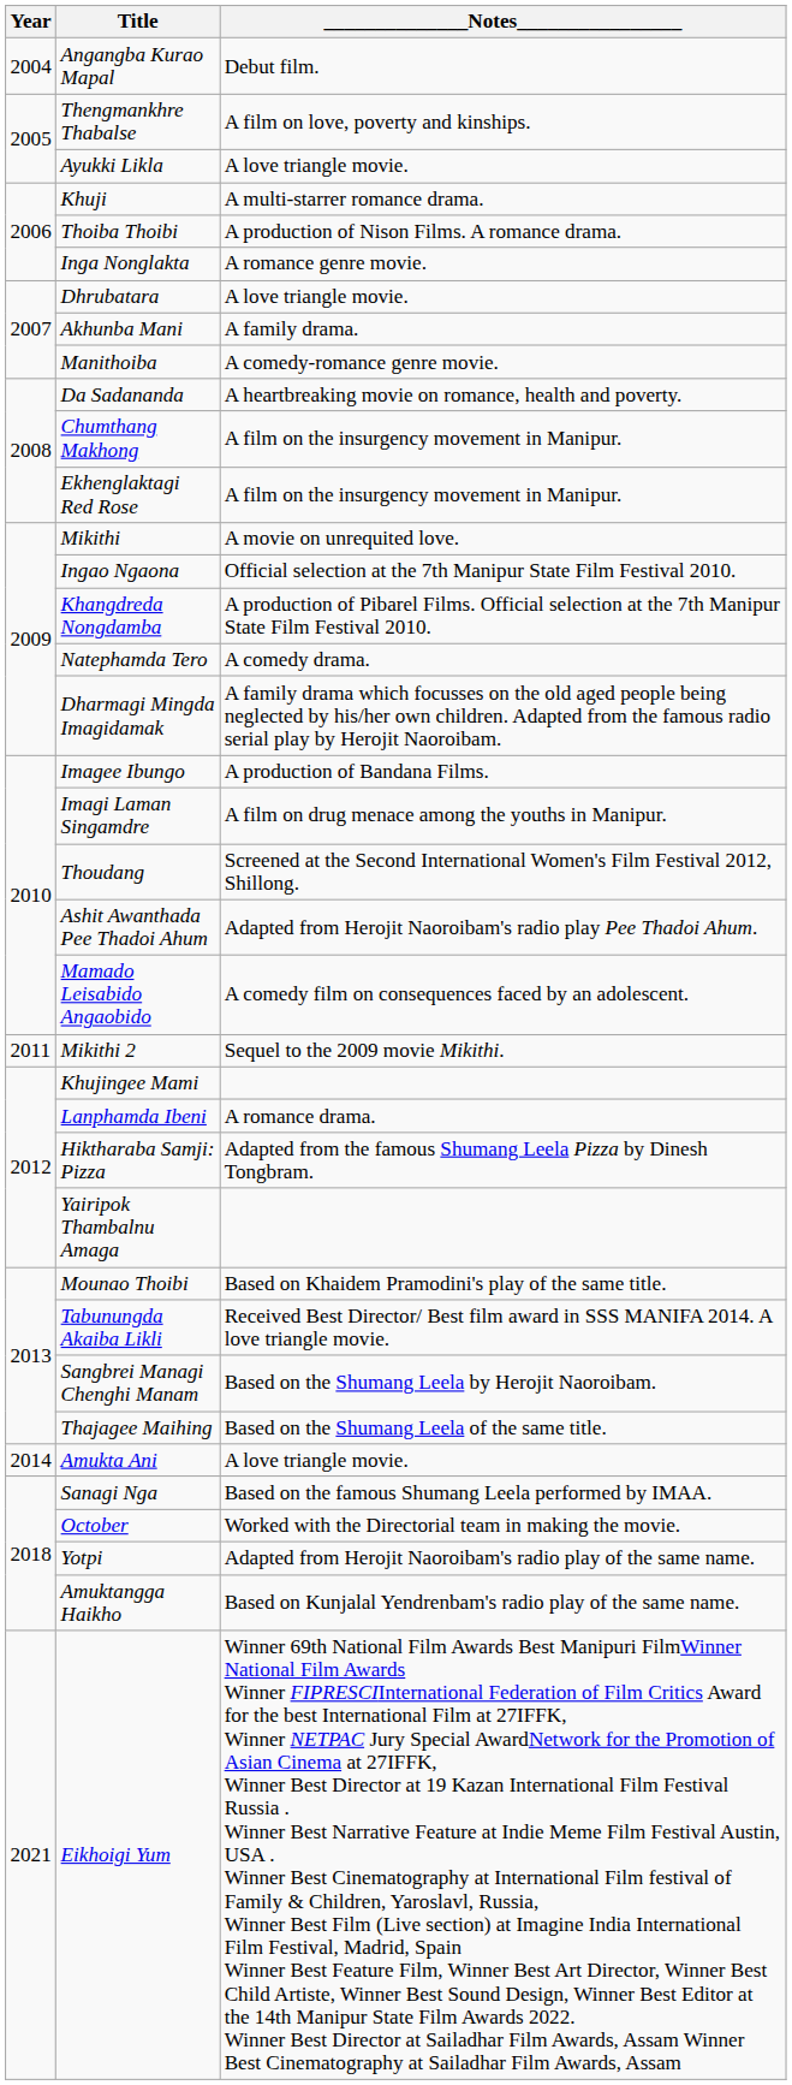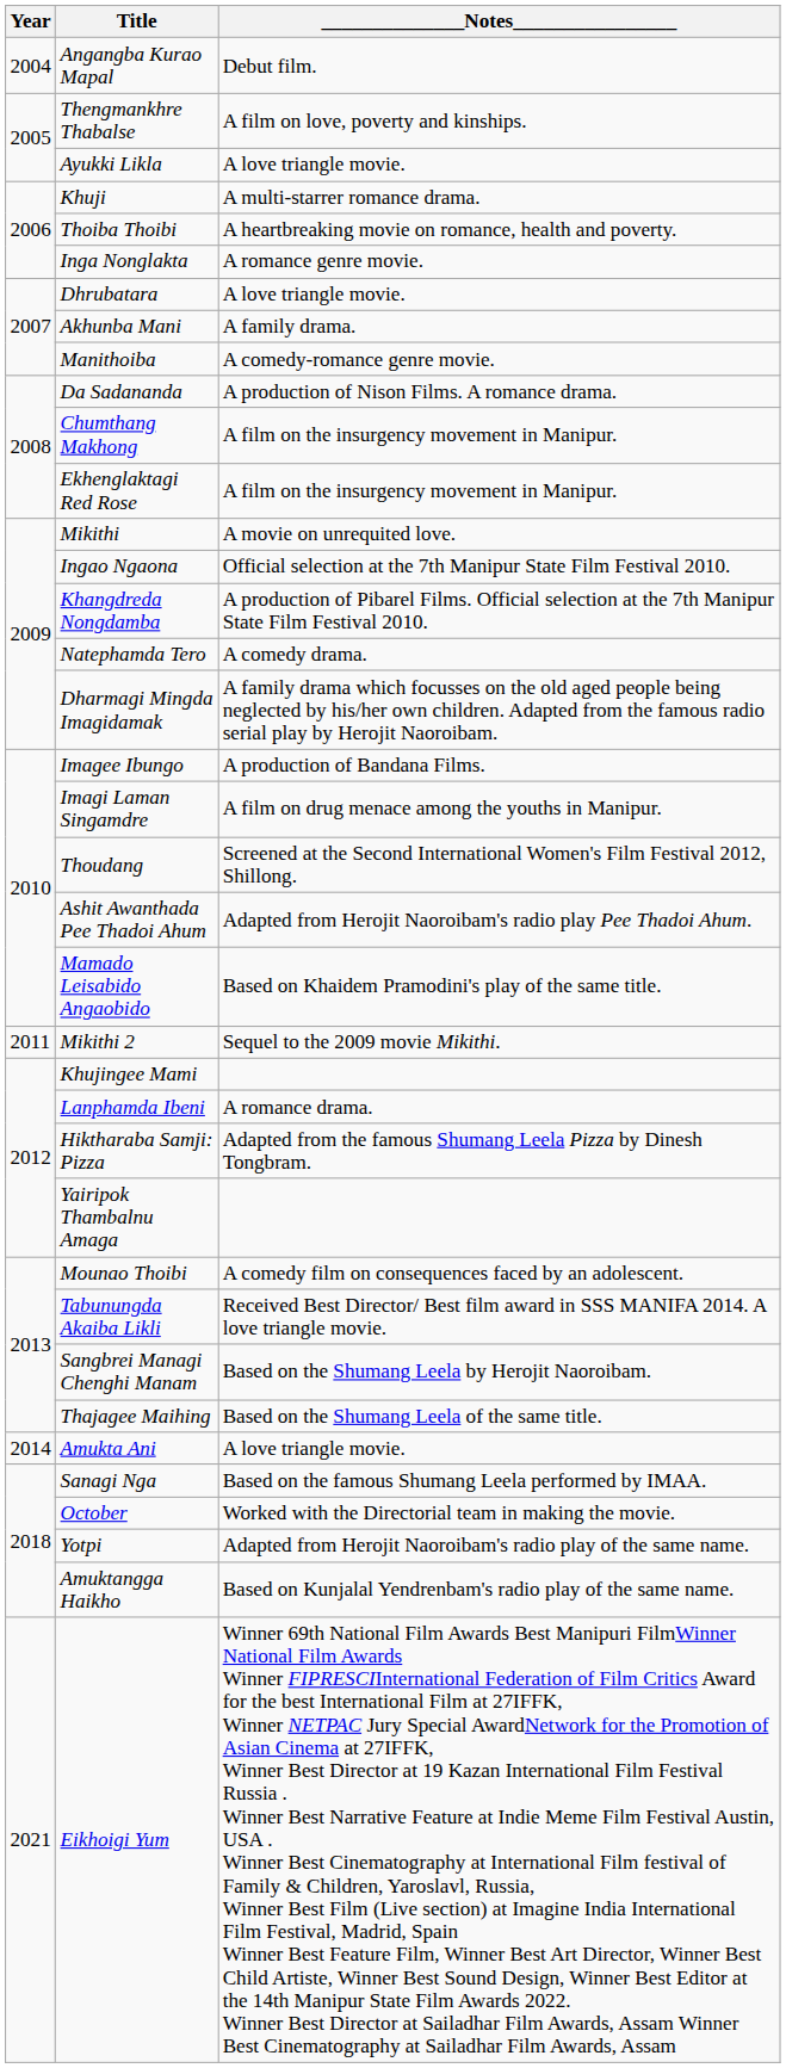 <table class="wikitable">
 <tr>
 <th>Year</th>
 <th>Title</th>
 <th>______________Notes________________</th>
 </tr>
 <tr>
 <td>2004</td>
 <td><em>Angangba Kurao Mapal</em></td>
 <td>Debut film.</td>
 </tr>
 <tr>
 <td rowspan="2">2005</td>
 <td><em>Thengmankhre Thabalse</em></td>
 <td>A film on love, poverty and kinships.</td>
 </tr>
 <tr>
 <td><em>Ayukki Likla</em></td>
 <td>A love triangle movie.</td>
 </tr>
 <tr>
 <td rowspan="3">2006</td>
 <td><em>Khuji</em></td>
 <td>A multi-starrer romance drama.</td>
 </tr>
 <tr>
 <td><em>Thoiba Thoibi</em></td>
-<td>A production of Nison Films. A romance drama.</td>
+<td>A heartbreaking movie on romance, health and poverty.</td>
 </tr>
 <tr>
 <td><em>Inga Nonglakta</em></td>
 <td>A romance genre movie.</td>
 </tr>
 <tr>
 <td rowspan="3">2007</td>
 <td><em>Dhrubatara</em></td>
 <td>A love triangle movie.</td>
 </tr>
 <tr>
 <td><em>Akhunba Mani</em></td>
 <td>A family drama.</td>
 </tr>
 <tr>
 <td><em>Manithoiba</em></td>
 <td>A comedy-romance genre movie.</td>
 </tr>
 <tr>
 <td rowspan="3">2008</td>
 <td><em>Da Sadananda</em></td>
-<td>A heartbreaking movie on romance, health and poverty.</td>
+<td>A production of Nison Films. A romance drama.</td>
 </tr>
 <tr>
 <td><em><a href='#'>Chumthang Makhong</a></em></td>
 <td>A film on the insurgency movement in Manipur.</td>
 </tr>
 <tr>
 <td><em>Ekhenglaktagi Red Rose</em></td>
 <td>A film on the insurgency movement in Manipur.</td>
 </tr>
 <tr>
 <td rowspan="5">2009</td>
 <td><em>Mikithi</em></td>
 <td>A movie on unrequited love.</td>
 </tr>
 <tr>
 <td><em>Ingao Ngaona</em></td>
 <td>Official selection at the 7th Manipur State Film Festival 2010.</td>
 </tr>
 <tr>
 <td><em><a href='#'>Khangdreda Nongdamba</a></em></td>
 <td>A production of Pibarel Films. Official selection at the 7th Manipur State Film Festival 2010.</td>
 </tr>
 <tr>
 <td><em>Natephamda Tero</em></td>
 <td>A comedy drama.</td>
 </tr>
 <tr>
 <td><em>Dharmagi Mingda Imagidamak</em></td>
 <td>A family drama which focusses on the old aged people being neglected by his/her own children. Adapted from the famous radio serial play by Herojit Naoroibam.</td>
 </tr>
 <tr>
 <td rowspan="5">2010</td>
 <td><em>Imagee Ibungo</em></td>
 <td>A production of Bandana Films.</td>
 </tr>
 <tr>
 <td><em>Imagi Laman Singamdre</em></td>
 <td>A film on drug menace among the youths in Manipur.</td>
 </tr>
 <tr>
 <td><em>Thoudang</em></td>
 <td>Screened at the Second International Women's Film Festival 2012, Shillong.</td>
 </tr>
 <tr>
 <td><em>Ashit Awanthada Pee Thadoi Ahum</em></td>
 <td>Adapted from Herojit Naoroibam's radio play <em>Pee Thadoi Ahum</em>.</td>
 </tr>
 <tr>
 <td><em><a href='#'>Mamado Leisabido Angaobido</a></em></td>
-<td>A comedy film on consequences faced by an adolescent.</td>
+<td>Based on Khaidem Pramodini's play of the same title.</td>
 </tr>
 <tr>
 <td>2011</td>
 <td><em>Mikithi 2</em></td>
 <td>Sequel to the 2009 movie <em>Mikithi</em>.</td>
 </tr>
 <tr>
 <td rowspan="4">2012</td>
 <td><em>Khujingee Mami</em></td>
 <td></td>
 </tr>
 <tr>
 <td><em><a href='#'>Lanphamda Ibeni</a></em></td>
 <td>A romance drama.</td>
 </tr>
 <tr>
 <td><em>Hiktharaba Samji: Pizza</em></td>
 <td>Adapted from the famous <a href='#'>Shumang Leela</a> <em>Pizza</em> by Dinesh Tongbram.</td>
 </tr>
 <tr>
 <td><em>Yairipok Thambalnu Amaga</em></td>
 <td></td>
 </tr>
 <tr>
 <td rowspan="4">2013</td>
 <td><em>Mounao Thoibi</em></td>
-<td>Based on Khaidem Pramodini's play of the same title.</td>
+<td>A comedy film on consequences faced by an adolescent.</td>
 </tr>
 <tr>
 <td><em><a href='#'>Tabunungda Akaiba Likli</a></em></td>
 <td>Received Best Director/ Best film award in SSS MANIFA 2014. A love triangle movie.</td>
 </tr>
 <tr>
 <td><em>Sangbrei Managi Chenghi Manam</em></td>
 <td>Based on the <a href='#'>Shumang Leela</a> by Herojit Naoroibam.</td>
 </tr>
 <tr>
 <td><em>Thajagee Maihing</em></td>
 <td>Based on the <a href='#'>Shumang Leela</a> of the same title.</td>
 </tr>
 <tr>
 <td>2014</td>
 <td><em><a href='#'>Amukta Ani</a></em></td>
 <td>A love triangle movie.</td>
 </tr>
 <tr>
 <td rowspan="4">2018</td>
 <td><em>Sanagi Nga</em></td>
 <td>Based on the famous Shumang Leela performed by IMAA.</td>
 </tr>
 <tr>
 <td><a href='#'><em>October</em></a></td>
 <td>Worked with the Directorial team in making the movie.</td>
 </tr>
 <tr>
 <td><em>Yotpi</em></td>
 <td>Adapted from Herojit Naoroibam's radio play of the same name.</td>
 </tr>
 <tr>
 <td><em>Amuktangga Haikho</em></td>
 <td>Based on Kunjalal Yendrenbam's radio play of the same name.</td>
 </tr>
 <tr>
 <td>2021</td>
 <td><em><a href='#'>Eikhoigi Yum</a></em></td>
 <td>Winner 69th National Film Awards Best Manipuri Film<a href='#'>Winner National Film Awards</a><br>Winner <em><a href='#'>FIPRESCI</a></em><a href='#'>International Federation of Film Critics</a> Award for the best International Film at 27IFFK,<br>Winner <em><a href='#'>NETPAC</a></em> Jury Special Award<a href='#'>Network for the Promotion of Asian Cinema</a>  at 27IFFK,<br>Winner Best Director at 19 Kazan International Film Festival Russia .<br>Winner Best Narrative Feature at Indie Meme Film Festival Austin, USA .<br>Winner Best Cinematography at International Film festival of Family & Children, Yaroslavl, Russia, <br>Winner Best Film (Live section) at Imagine India International Film Festival, Madrid, Spain <br>Winner Best Feature Film, Winner Best Art Director, Winner Best Child Artiste, Winner Best Sound Design, Winner Best Editor at the 14th Manipur State Film Awards 2022.<br>Winner Best Director at Sailadhar Film Awards, Assam Winner Best Cinematography at Sailadhar Film Awards, Assam</td>
 </tr>
 </table>
